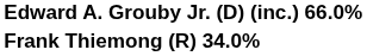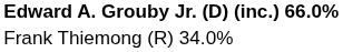 <table>
 <tr>
 <td><strong>Edward A. Grouby Jr. (D) (inc.) 66.0%</strong></td>
 </tr>
 <tr>
-<td><strong>Frank Thiemong (R) 34.0%</strong></td>
+<td>Frank Thiemong (R) 34.0%</td>
 </tr>
 </table>
